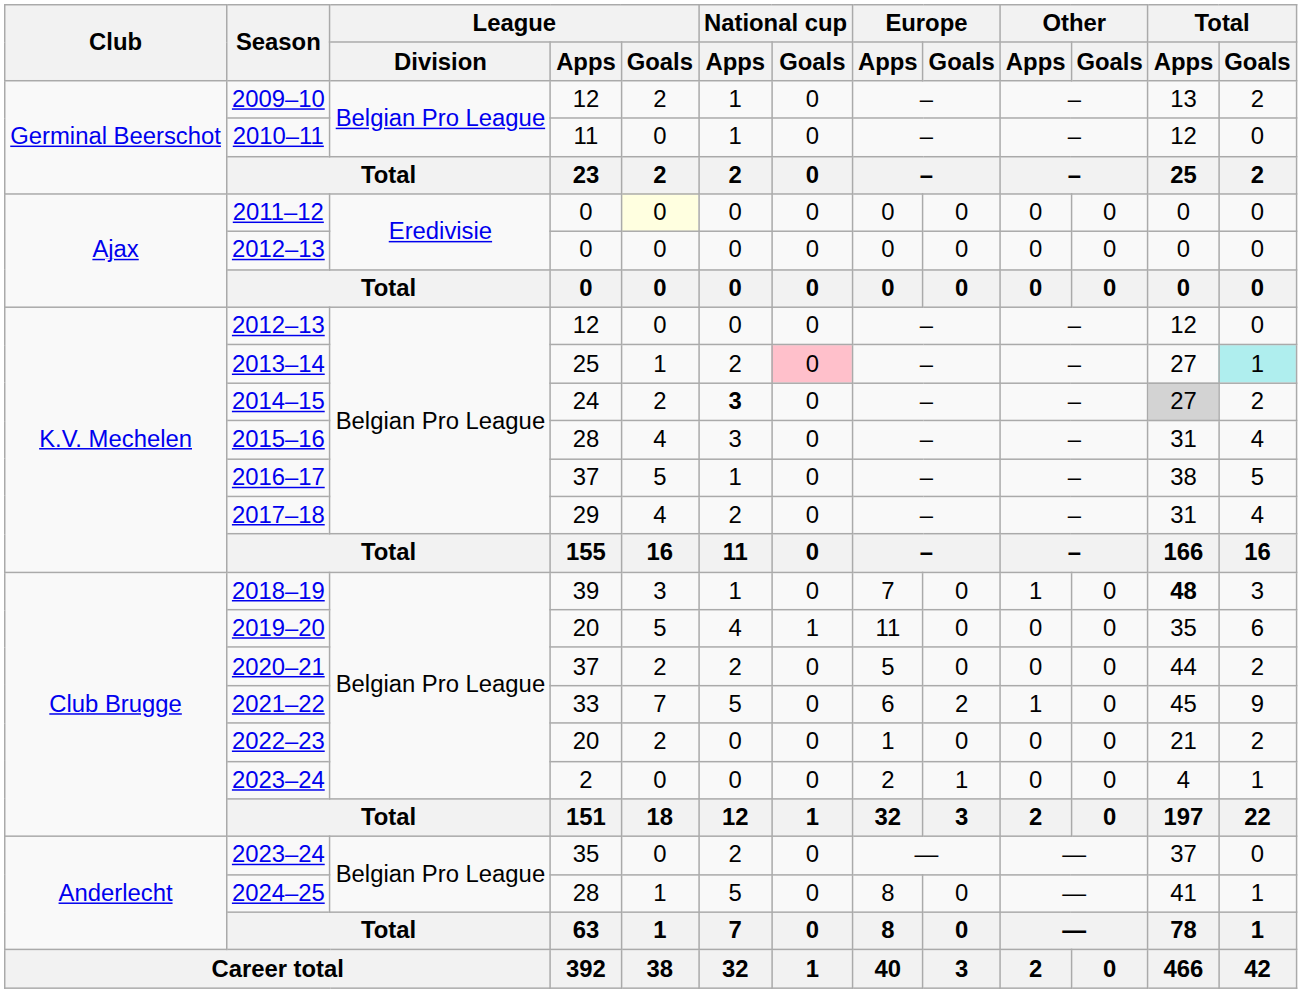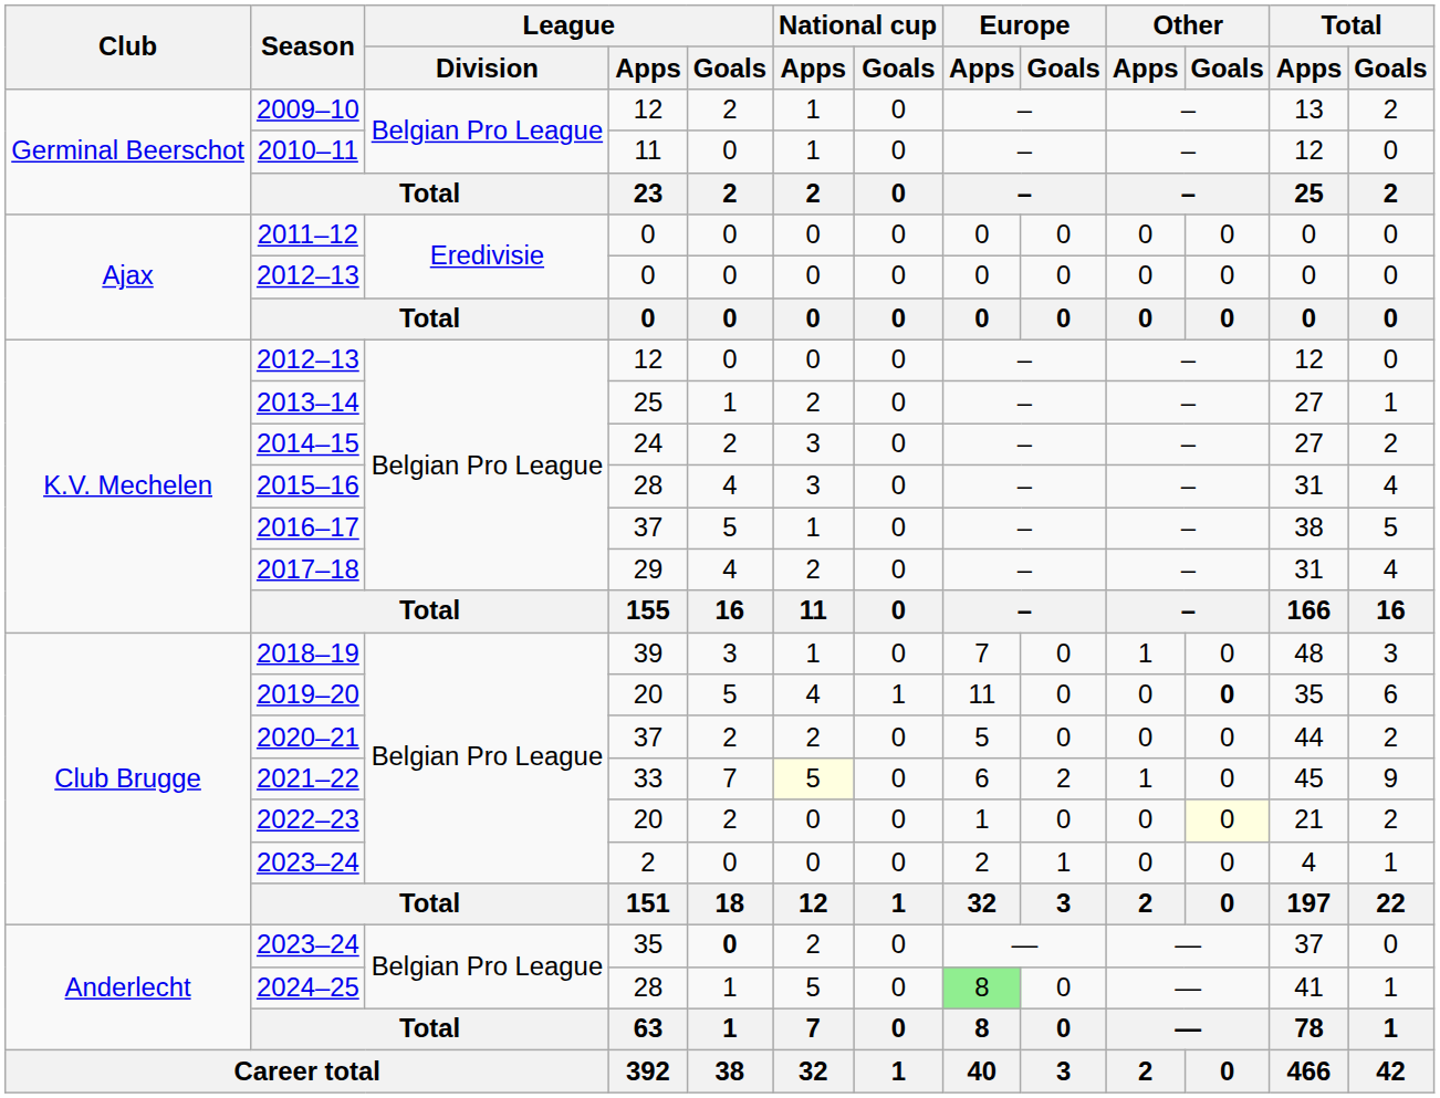 <table class="wikitable" style="text-align:center">
 <tr>
 <th rowspan="2">Club</th>
 <th rowspan="2">Season</th>
 <th colspan="3">League</th>
 <th colspan="2">National cup</th>
 <th colspan="2">Europe</th>
 <th colspan="2">Other</th>
 <th colspan="2">Total</th>
 </tr>
 <tr>
 <th>Division</th>
 <th>Apps</th>
 <th>Goals</th>
 <th>Apps</th>
 <th>Goals</th>
 <th>Apps</th>
 <th>Goals</th>
 <th>Apps</th>
 <th>Goals</th>
 <th>Apps</th>
 <th>Goals</th>
 </tr>
 <tr>
 <td rowspan="3"><a href='#'>Germinal Beerschot</a></td>
 <td><a href='#'>2009–10</a></td>
 <td rowspan="2"><a href='#'>Belgian Pro League</a></td>
 <td>12</td>
 <td>2</td>
 <td>1</td>
 <td>0</td>
 <td colspan="2">–</td>
 <td colspan="2">–</td>
 <td>13</td>
 <td>2</td>
 </tr>
 <tr>
 <td><a href='#'>2010–11</a></td>
 <td>11</td>
 <td>0</td>
 <td>1</td>
 <td>0</td>
 <td colspan="2">–</td>
 <td colspan="2">–</td>
 <td>12</td>
 <td>0</td>
 </tr>
 <tr>
 <th colspan="2">Total</th>
 <th>23</th>
 <th>2</th>
 <th>2</th>
 <th>0</th>
 <th colspan="2">–</th>
 <th colspan="2">–</th>
 <th>25</th>
 <th>2</th>
 </tr>
 <tr>
 <td rowspan="3"><a href='#'>Ajax</a></td>
 <td><a href='#'>2011–12</a></td>
 <td rowspan="2"><a href='#'>Eredivisie</a></td>
 <td>0</td>
-<td style="background: lightyellow;">0</td>
+<td>0</td>
 <td>0</td>
 <td>0</td>
 <td>0</td>
 <td>0</td>
 <td>0</td>
 <td>0</td>
 <td>0</td>
 <td>0</td>
 </tr>
 <tr>
 <td><a href='#'>2012–13</a></td>
 <td>0</td>
 <td>0</td>
 <td>0</td>
 <td>0</td>
 <td>0</td>
 <td>0</td>
 <td>0</td>
 <td>0</td>
 <td>0</td>
 <td>0</td>
 </tr>
 <tr>
 <th colspan="2">Total</th>
 <th>0</th>
 <th>0</th>
 <th>0</th>
 <th>0</th>
 <th>0</th>
 <th>0</th>
 <th>0</th>
 <th>0</th>
 <th>0</th>
 <th>0</th>
 </tr>
 <tr>
 <td rowspan="7"><a href='#'>K.V. Mechelen</a></td>
 <td><a href='#'>2012–13</a></td>
 <td rowspan="6">Belgian Pro League</td>
 <td>12</td>
 <td>0</td>
 <td>0</td>
 <td>0</td>
 <td colspan="2">–</td>
 <td colspan="2">–</td>
 <td>12</td>
 <td>0</td>
 </tr>
 <tr>
 <td><a href='#'>2013–14</a></td>
 <td>25</td>
 <td>1</td>
 <td>2</td>
-<td style="background: pink;">0</td>
+<td>0</td>
 <td colspan="2">–</td>
 <td colspan="2">–</td>
 <td>27</td>
-<td style="background: paleturquoise;">1</td>
+<td>1</td>
 </tr>
 <tr>
 <td><a href='#'>2014–15</a></td>
 <td>24</td>
 <td>2</td>
-<td><strong>3</strong></td>
+<td>3</td>
 <td>0</td>
 <td colspan="2">–</td>
 <td colspan="2">–</td>
-<td style="background: lightgrey;">27</td>
+<td>27</td>
 <td>2</td>
 </tr>
 <tr>
 <td><a href='#'>2015–16</a></td>
 <td>28</td>
 <td>4</td>
 <td>3</td>
 <td>0</td>
 <td colspan="2">–</td>
 <td colspan="2">–</td>
 <td>31</td>
 <td>4</td>
 </tr>
 <tr>
 <td><a href='#'>2016–17</a></td>
 <td>37</td>
 <td>5</td>
 <td>1</td>
 <td>0</td>
 <td colspan="2">–</td>
 <td colspan="2">–</td>
 <td>38</td>
 <td>5</td>
 </tr>
 <tr>
 <td><a href='#'>2017–18</a></td>
 <td>29</td>
 <td>4</td>
 <td>2</td>
 <td>0</td>
 <td colspan="2">–</td>
 <td colspan="2">–</td>
 <td>31</td>
 <td>4</td>
 </tr>
 <tr>
 <th colspan="2">Total</th>
 <th>155</th>
 <th>16</th>
 <th>11</th>
 <th>0</th>
 <th colspan="2">–</th>
 <th colspan="2">–</th>
 <th>166</th>
 <th>16</th>
 </tr>
 <tr>
 <td rowspan="7"><a href='#'>Club Brugge</a></td>
 <td><a href='#'>2018–19</a></td>
 <td rowspan="6">Belgian Pro League</td>
 <td>39</td>
 <td>3</td>
 <td>1</td>
 <td>0</td>
 <td>7</td>
 <td>0</td>
 <td>1</td>
 <td>0</td>
-<td><strong>48</strong></td>
+<td>48</td>
 <td>3</td>
 </tr>
 <tr>
 <td><a href='#'>2019–20</a></td>
 <td>20</td>
 <td>5</td>
 <td>4</td>
 <td>1</td>
 <td>11</td>
 <td>0</td>
 <td>0</td>
-<td>0</td>
+<td><strong>0</strong></td>
 <td>35</td>
 <td>6</td>
 </tr>
 <tr>
 <td><a href='#'>2020–21</a></td>
 <td>37</td>
 <td>2</td>
 <td>2</td>
 <td>0</td>
 <td>5</td>
 <td>0</td>
 <td>0</td>
 <td>0</td>
 <td>44</td>
 <td>2</td>
 </tr>
 <tr>
 <td><a href='#'>2021–22</a></td>
 <td>33</td>
 <td>7</td>
-<td>5</td>
+<td style="background: lightyellow;">5</td>
 <td>0</td>
 <td>6</td>
 <td>2</td>
 <td>1</td>
 <td>0</td>
 <td>45</td>
 <td>9</td>
 </tr>
 <tr>
 <td><a href='#'>2022–23</a></td>
 <td>20</td>
 <td>2</td>
 <td>0</td>
 <td>0</td>
 <td>1</td>
 <td>0</td>
 <td>0</td>
-<td>0</td>
+<td style="background: lightyellow;">0</td>
 <td>21</td>
 <td>2</td>
 </tr>
 <tr>
 <td><a href='#'>2023–24</a></td>
 <td>2</td>
 <td>0</td>
 <td>0</td>
 <td>0</td>
 <td>2</td>
 <td>1</td>
 <td>0</td>
 <td>0</td>
 <td>4</td>
 <td>1</td>
 </tr>
 <tr>
 <th colspan="2">Total</th>
 <th>151</th>
 <th>18</th>
 <th>12</th>
 <th>1</th>
 <th>32</th>
 <th>3</th>
 <th>2</th>
 <th>0</th>
 <th>197</th>
 <th>22</th>
 </tr>
 <tr>
 <td rowspan="3"><a href='#'>Anderlecht</a></td>
 <td><a href='#'>2023–24</a></td>
 <td rowspan="2">Belgian Pro League</td>
 <td>35</td>
-<td>0</td>
+<td><strong>0</strong></td>
 <td>2</td>
 <td>0</td>
 <td colspan="2">—</td>
 <td colspan="2">—</td>
 <td>37</td>
 <td>0</td>
 </tr>
 <tr>
 <td><a href='#'>2024–25</a></td>
 <td>28</td>
 <td>1</td>
 <td>5</td>
 <td>0</td>
-<td>8</td>
+<td style="background: lightgreen;">8</td>
 <td>0</td>
 <td colspan="2">—</td>
 <td>41</td>
 <td>1</td>
 </tr>
 <tr>
 <th colspan="2">Total</th>
 <th>63</th>
 <th>1</th>
 <th>7</th>
 <th>0</th>
 <th>8</th>
 <th>0</th>
 <th colspan="2">—</th>
 <th>78</th>
 <th>1</th>
 </tr>
 <tr>
 <th colspan="3">Career total</th>
 <th>392</th>
 <th>38</th>
 <th>32</th>
 <th>1</th>
 <th>40</th>
 <th>3</th>
 <th>2</th>
 <th>0</th>
 <th>466</th>
 <th>42</th>
 </tr>
 </table>
